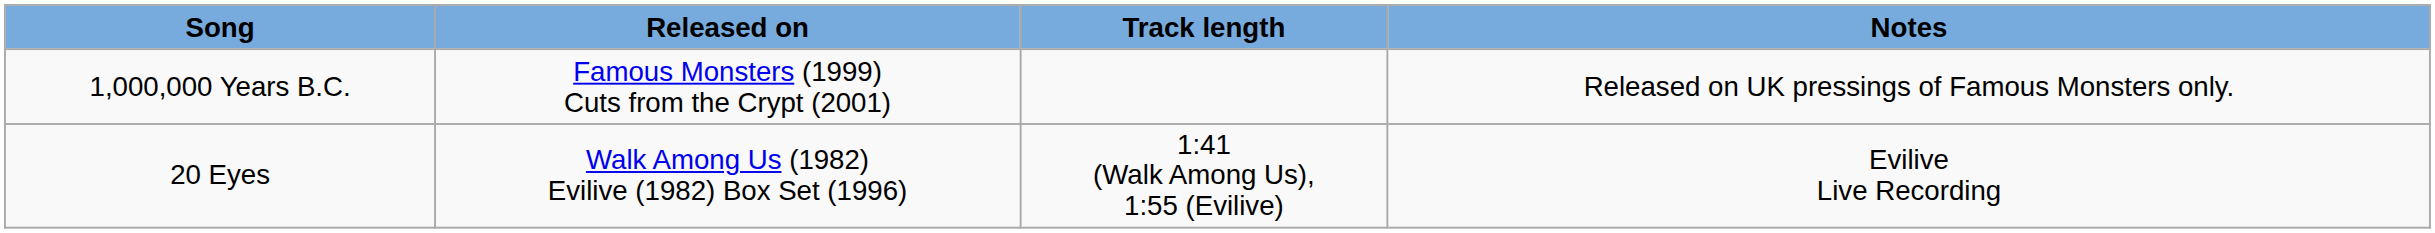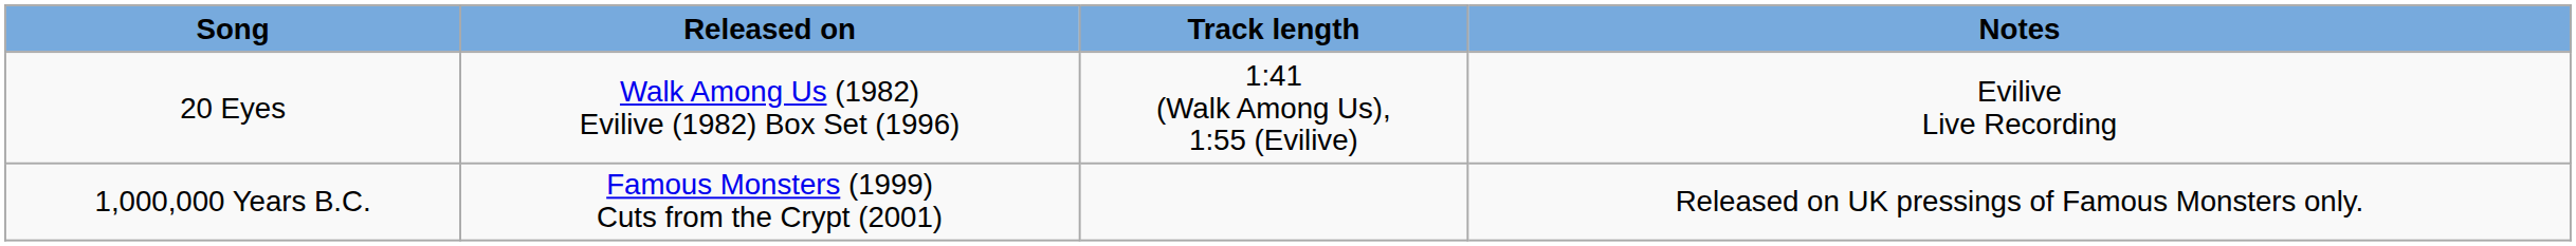 <table class="wikitable" style="margin:0.5em auto; clear:both; font-size:.9em; text-align:center; width:100%">
 <tr>
 <th style="background: #7ad;">Song</th>
 <th style="background: #7ad;">Released on</th>
 <th style="background: #7ad;">Track length</th>
 <th style="background: #7ad;">Notes</th>
 </tr>
 <tr>
+<td>20 Eyes</td>
+<td><a href='#'>Walk Among Us</a> (1982)<br>Evilive (1982) Box Set (1996)</td>
+<td>1:41<br>(Walk Among Us),<br>1:55 (Evilive)</td>
+<td>Evilive<br>Live Recording</td>
+</tr>
+<tr>
 <td>1,000,000 Years B.C.</td>
 <td><a href='#'>Famous Monsters</a> (1999)<br>Cuts from the Crypt (2001)</td>
 <td></td>
 <td>Released on UK pressings of Famous Monsters only.</td>
 </tr>
-<tr>
-<td>20 Eyes</td>
-<td><a href='#'>Walk Among Us</a> (1982)<br>Evilive (1982) Box Set (1996)</td>
-<td>1:41<br>(Walk Among Us),<br>1:55 (Evilive)</td>
-<td>Evilive<br>Live Recording</td>
-</tr>
 </table>
